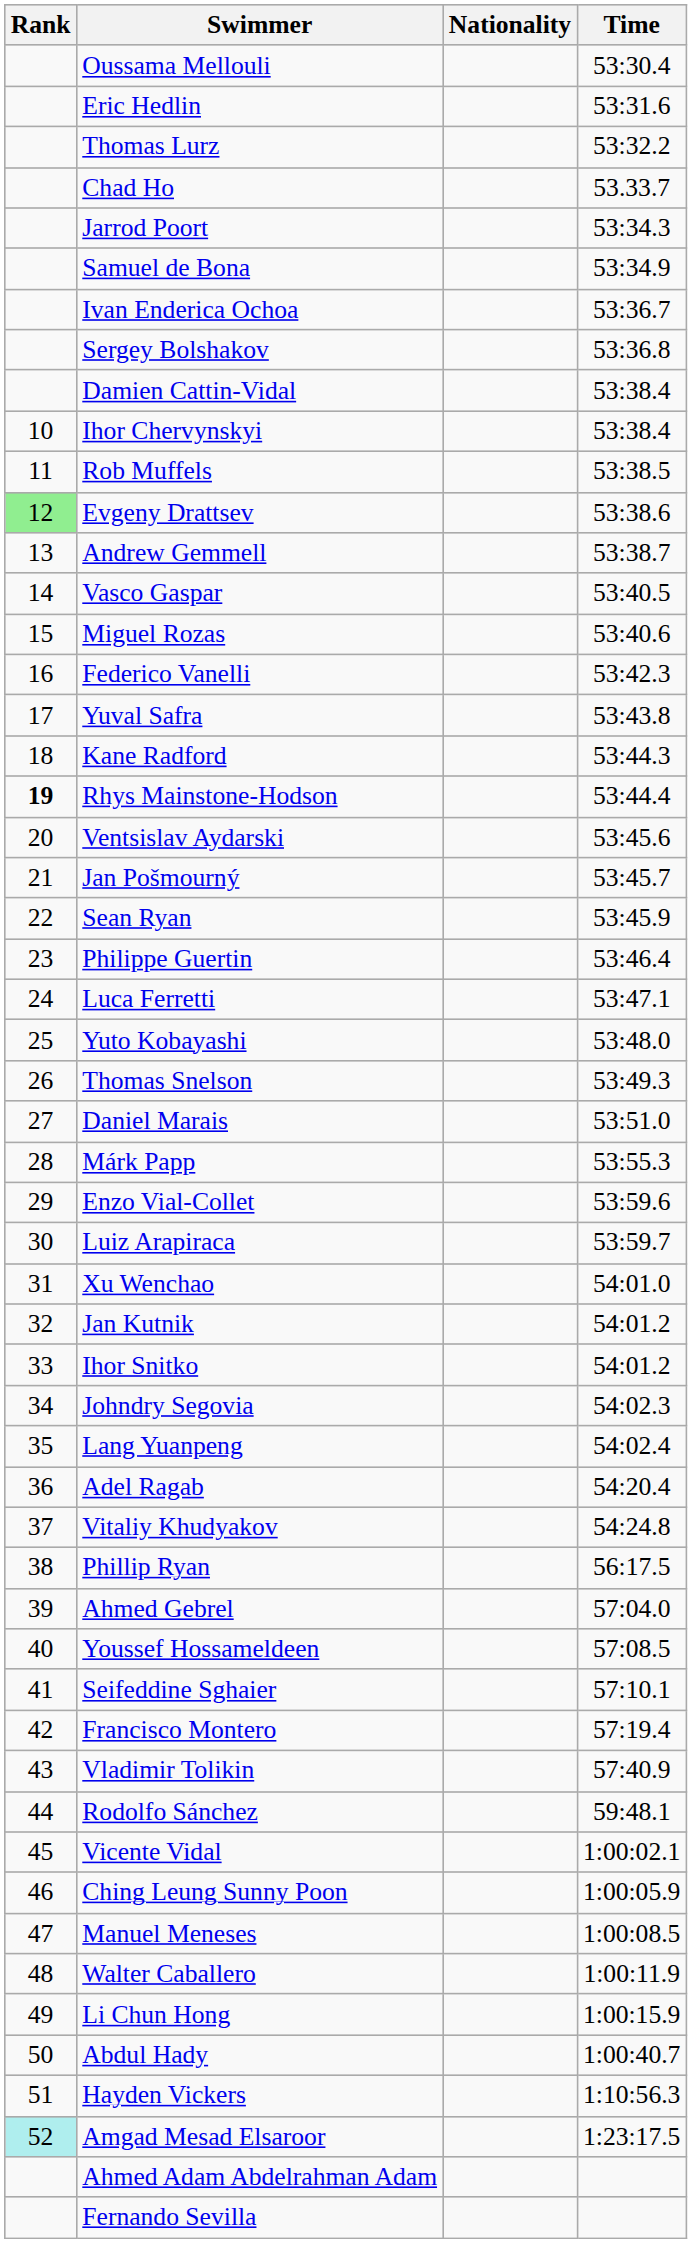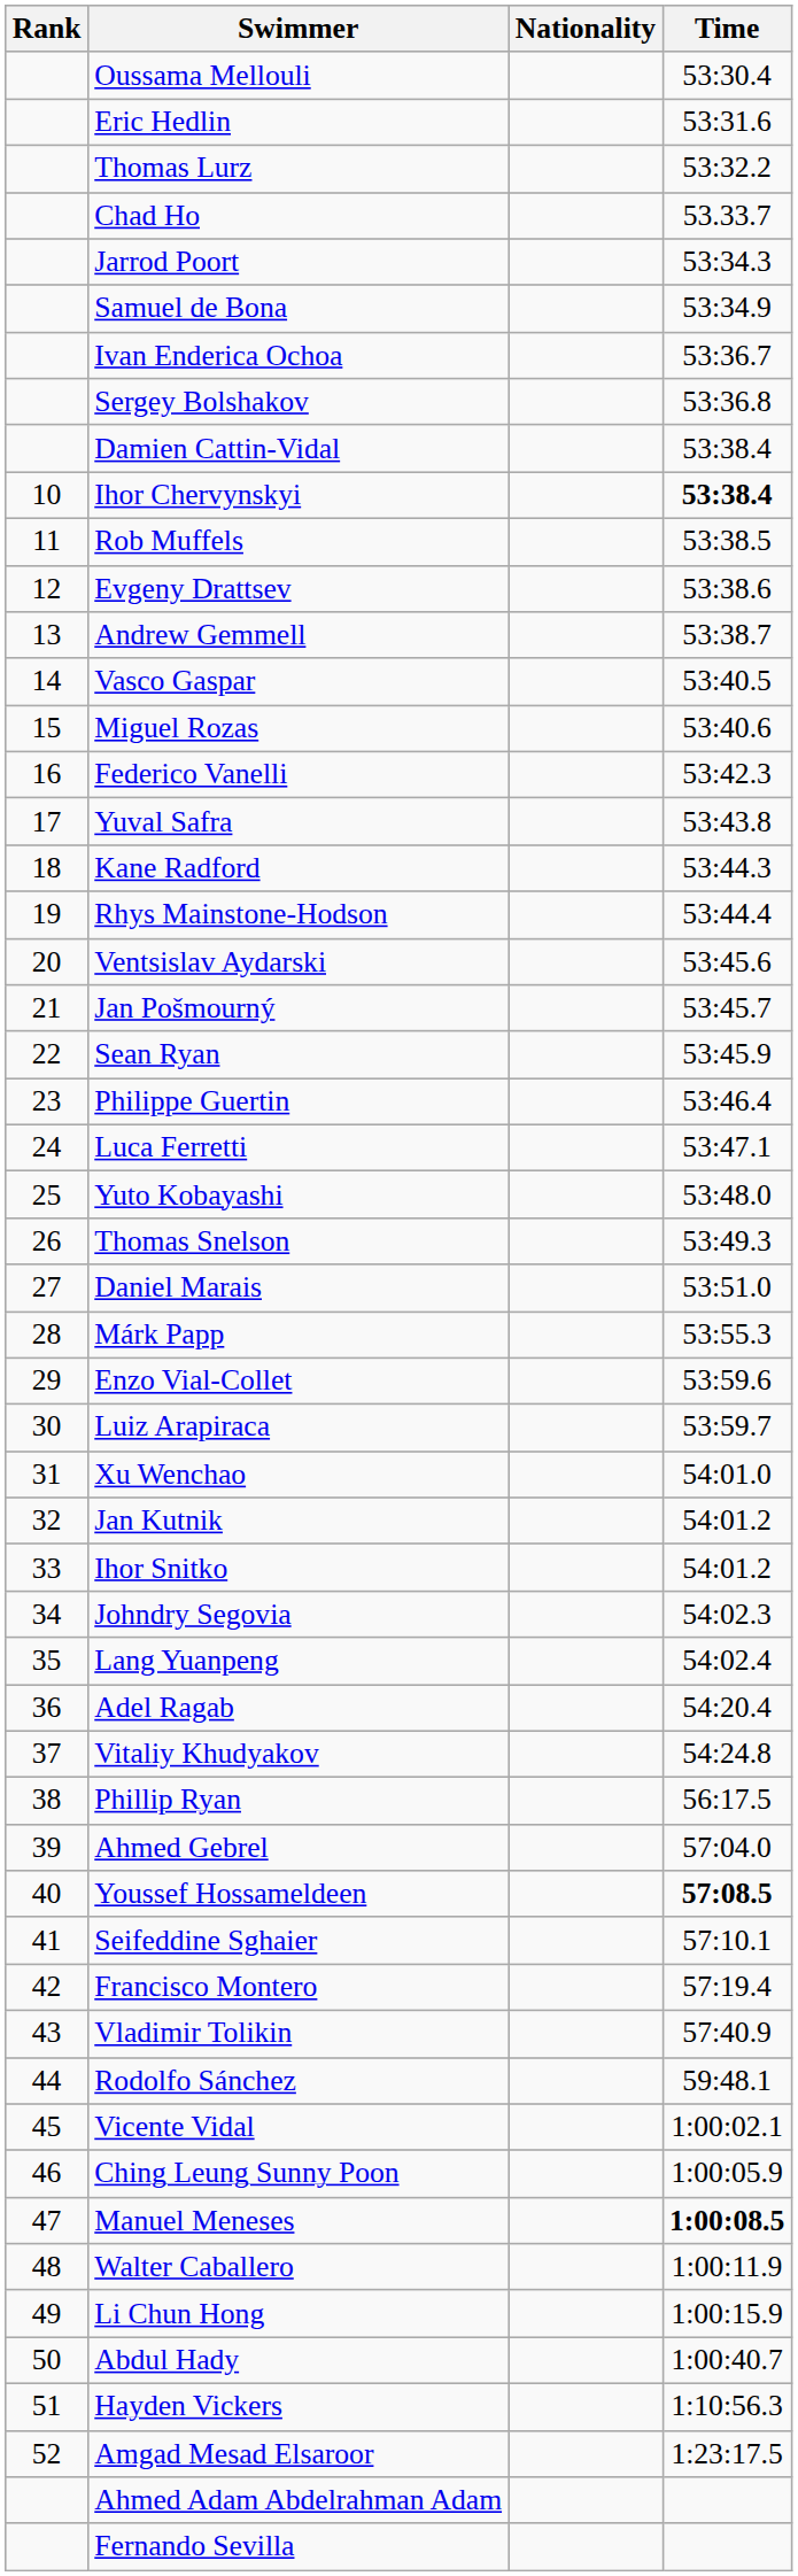 <table class="wikitable sortable" border="1" style="text-align:center">
 <tr>
 <th>Rank</th>
 <th>Swimmer</th>
 <th>Nationality</th>
 <th>Time</th>
 </tr>
 <tr>
 <td></td>
 <td align=left><a href='#'>Oussama Mellouli</a></td>
 <td align=left></td>
 <td>53:30.4</td>
 </tr>
 <tr>
 <td></td>
 <td align=left><a href='#'>Eric Hedlin</a></td>
 <td align=left></td>
 <td>53:31.6</td>
 </tr>
 <tr>
 <td></td>
 <td align=left><a href='#'>Thomas Lurz</a></td>
 <td align=left></td>
 <td>53:32.2</td>
 </tr>
 <tr>
 <td></td>
 <td align=left><a href='#'>Chad Ho</a></td>
 <td align=left></td>
 <td>53.33.7</td>
 </tr>
 <tr>
 <td></td>
 <td align=left><a href='#'>Jarrod Poort</a></td>
 <td align=left></td>
 <td>53:34.3</td>
 </tr>
 <tr>
 <td></td>
 <td align=left><a href='#'>Samuel de Bona</a></td>
 <td align=left></td>
 <td>53:34.9</td>
 </tr>
 <tr>
 <td></td>
 <td align=left><a href='#'>Ivan Enderica Ochoa</a></td>
 <td align=left></td>
 <td>53:36.7</td>
 </tr>
 <tr>
 <td></td>
 <td align=left><a href='#'>Sergey Bolshakov</a></td>
 <td align=left></td>
 <td>53:36.8</td>
 </tr>
 <tr>
 <td></td>
 <td align=left><a href='#'>Damien Cattin-Vidal</a></td>
 <td align=left></td>
 <td>53:38.4</td>
 </tr>
 <tr>
 <td>10</td>
 <td align=left><a href='#'>Ihor Chervynskyi</a></td>
 <td align=left></td>
-<td>53:38.4</td>
+<td><strong>53:38.4</strong></td>
 </tr>
 <tr>
 <td>11</td>
 <td align=left><a href='#'>Rob Muffels</a></td>
 <td align=left></td>
 <td>53:38.5</td>
 </tr>
 <tr>
-<td style="background: lightgreen;">12</td>
+<td>12</td>
 <td align=left><a href='#'>Evgeny Drattsev</a></td>
 <td align=left></td>
 <td>53:38.6</td>
 </tr>
 <tr>
 <td>13</td>
 <td align=left><a href='#'>Andrew Gemmell</a></td>
 <td align=left></td>
 <td>53:38.7</td>
 </tr>
 <tr>
 <td>14</td>
 <td align=left><a href='#'>Vasco Gaspar</a></td>
 <td align=left></td>
 <td>53:40.5</td>
 </tr>
 <tr>
 <td>15</td>
 <td align=left><a href='#'>Miguel Rozas</a></td>
 <td align=left></td>
 <td>53:40.6</td>
 </tr>
 <tr>
 <td>16</td>
 <td align=left><a href='#'>Federico Vanelli</a></td>
 <td align=left></td>
 <td>53:42.3</td>
 </tr>
 <tr>
 <td>17</td>
 <td align=left><a href='#'>Yuval Safra</a></td>
 <td align=left></td>
 <td>53:43.8</td>
 </tr>
 <tr>
 <td>18</td>
 <td align=left><a href='#'>Kane Radford</a></td>
 <td align=left></td>
 <td>53:44.3</td>
 </tr>
 <tr>
-<td><strong>19</strong></td>
+<td>19</td>
 <td align=left><a href='#'>Rhys Mainstone-Hodson</a></td>
 <td align=left></td>
 <td>53:44.4</td>
 </tr>
 <tr>
 <td>20</td>
 <td align=left><a href='#'>Ventsislav Aydarski</a></td>
 <td align=left></td>
 <td>53:45.6</td>
 </tr>
 <tr>
 <td>21</td>
 <td align=left><a href='#'>Jan Pošmourný</a></td>
 <td align=left></td>
 <td>53:45.7</td>
 </tr>
 <tr>
 <td>22</td>
 <td align=left><a href='#'>Sean Ryan</a></td>
 <td align=left></td>
 <td>53:45.9</td>
 </tr>
 <tr>
 <td>23</td>
 <td align=left><a href='#'>Philippe Guertin</a></td>
 <td align=left></td>
 <td>53:46.4</td>
 </tr>
 <tr>
 <td>24</td>
 <td align=left><a href='#'>Luca Ferretti</a></td>
 <td align=left></td>
 <td>53:47.1</td>
 </tr>
 <tr>
 <td>25</td>
 <td align=left><a href='#'>Yuto Kobayashi</a></td>
 <td align=left></td>
 <td>53:48.0</td>
 </tr>
 <tr>
 <td>26</td>
 <td align=left><a href='#'>Thomas Snelson</a></td>
 <td align=left></td>
 <td>53:49.3</td>
 </tr>
 <tr>
 <td>27</td>
 <td align=left><a href='#'>Daniel Marais</a></td>
 <td align=left></td>
 <td>53:51.0</td>
 </tr>
 <tr>
 <td>28</td>
 <td align=left><a href='#'>Márk Papp</a></td>
 <td align=left></td>
 <td>53:55.3</td>
 </tr>
 <tr>
 <td>29</td>
 <td align=left><a href='#'>Enzo Vial-Collet</a></td>
 <td align=left></td>
 <td>53:59.6</td>
 </tr>
 <tr>
 <td>30</td>
 <td align=left><a href='#'>Luiz Arapiraca</a></td>
 <td align=left></td>
 <td>53:59.7</td>
 </tr>
 <tr>
 <td>31</td>
 <td align=left><a href='#'>Xu Wenchao</a></td>
 <td align=left></td>
 <td>54:01.0</td>
 </tr>
 <tr>
 <td>32</td>
 <td align=left><a href='#'>Jan Kutnik</a></td>
 <td align=left></td>
 <td>54:01.2</td>
 </tr>
 <tr>
 <td>33</td>
 <td align=left><a href='#'>Ihor Snitko</a></td>
 <td align=left></td>
 <td>54:01.2</td>
 </tr>
 <tr>
 <td>34</td>
 <td align=left><a href='#'>Johndry Segovia</a></td>
 <td align=left></td>
 <td>54:02.3</td>
 </tr>
 <tr>
 <td>35</td>
 <td align=left><a href='#'>Lang Yuanpeng</a></td>
 <td align=left></td>
 <td>54:02.4</td>
 </tr>
 <tr>
 <td>36</td>
 <td align=left><a href='#'>Adel Ragab</a></td>
 <td align=left></td>
 <td>54:20.4</td>
 </tr>
 <tr>
 <td>37</td>
 <td align=left><a href='#'>Vitaliy Khudyakov</a></td>
 <td align=left></td>
 <td>54:24.8</td>
 </tr>
 <tr>
 <td>38</td>
 <td align=left><a href='#'>Phillip Ryan</a></td>
 <td align=left></td>
 <td>56:17.5</td>
 </tr>
 <tr>
 <td>39</td>
 <td align=left><a href='#'>Ahmed Gebrel</a></td>
 <td align=left></td>
 <td>57:04.0</td>
 </tr>
 <tr>
 <td>40</td>
 <td align=left><a href='#'>Youssef Hossameldeen</a></td>
 <td align=left></td>
-<td>57:08.5</td>
+<td><strong>57:08.5</strong></td>
 </tr>
 <tr>
 <td>41</td>
 <td align=left><a href='#'>Seifeddine Sghaier</a></td>
 <td align=left></td>
 <td>57:10.1</td>
 </tr>
 <tr>
 <td>42</td>
 <td align=left><a href='#'>Francisco Montero</a></td>
 <td align=left></td>
 <td>57:19.4</td>
 </tr>
 <tr>
 <td>43</td>
 <td align=left><a href='#'>Vladimir Tolikin</a></td>
 <td align=left></td>
 <td>57:40.9</td>
 </tr>
 <tr>
 <td>44</td>
 <td align=left><a href='#'>Rodolfo Sánchez</a></td>
 <td align=left></td>
 <td>59:48.1</td>
 </tr>
 <tr>
 <td>45</td>
 <td align=left><a href='#'>Vicente Vidal</a></td>
 <td align=left></td>
 <td>1:00:02.1</td>
 </tr>
 <tr>
 <td>46</td>
 <td align=left><a href='#'>Ching Leung Sunny Poon</a></td>
 <td align=left></td>
 <td>1:00:05.9</td>
 </tr>
 <tr>
 <td>47</td>
 <td align=left><a href='#'>Manuel Meneses</a></td>
 <td align=left></td>
-<td>1:00:08.5</td>
+<td><strong>1:00:08.5</strong></td>
 </tr>
 <tr>
 <td>48</td>
 <td align=left><a href='#'>Walter Caballero</a></td>
 <td align=left></td>
 <td>1:00:11.9</td>
 </tr>
 <tr>
 <td>49</td>
 <td align=left><a href='#'>Li Chun Hong</a></td>
 <td align=left></td>
 <td>1:00:15.9</td>
 </tr>
 <tr>
 <td>50</td>
 <td align=left><a href='#'>Abdul Hady</a></td>
 <td align=left></td>
 <td>1:00:40.7</td>
 </tr>
 <tr>
 <td>51</td>
 <td align=left><a href='#'>Hayden Vickers</a></td>
 <td align=left></td>
 <td>1:10:56.3</td>
 </tr>
 <tr>
-<td style="background: paleturquoise;">52</td>
+<td>52</td>
 <td align=left><a href='#'>Amgad Mesad Elsaroor</a></td>
 <td align=left></td>
 <td>1:23:17.5</td>
 </tr>
 <tr>
 <td></td>
 <td align=left><a href='#'>Ahmed Adam Abdelrahman Adam</a></td>
 <td align=left></td>
 <td></td>
 </tr>
 <tr>
 <td></td>
 <td align=left><a href='#'>Fernando Sevilla</a></td>
 <td align=left></td>
 <td></td>
 </tr>
 </table>
